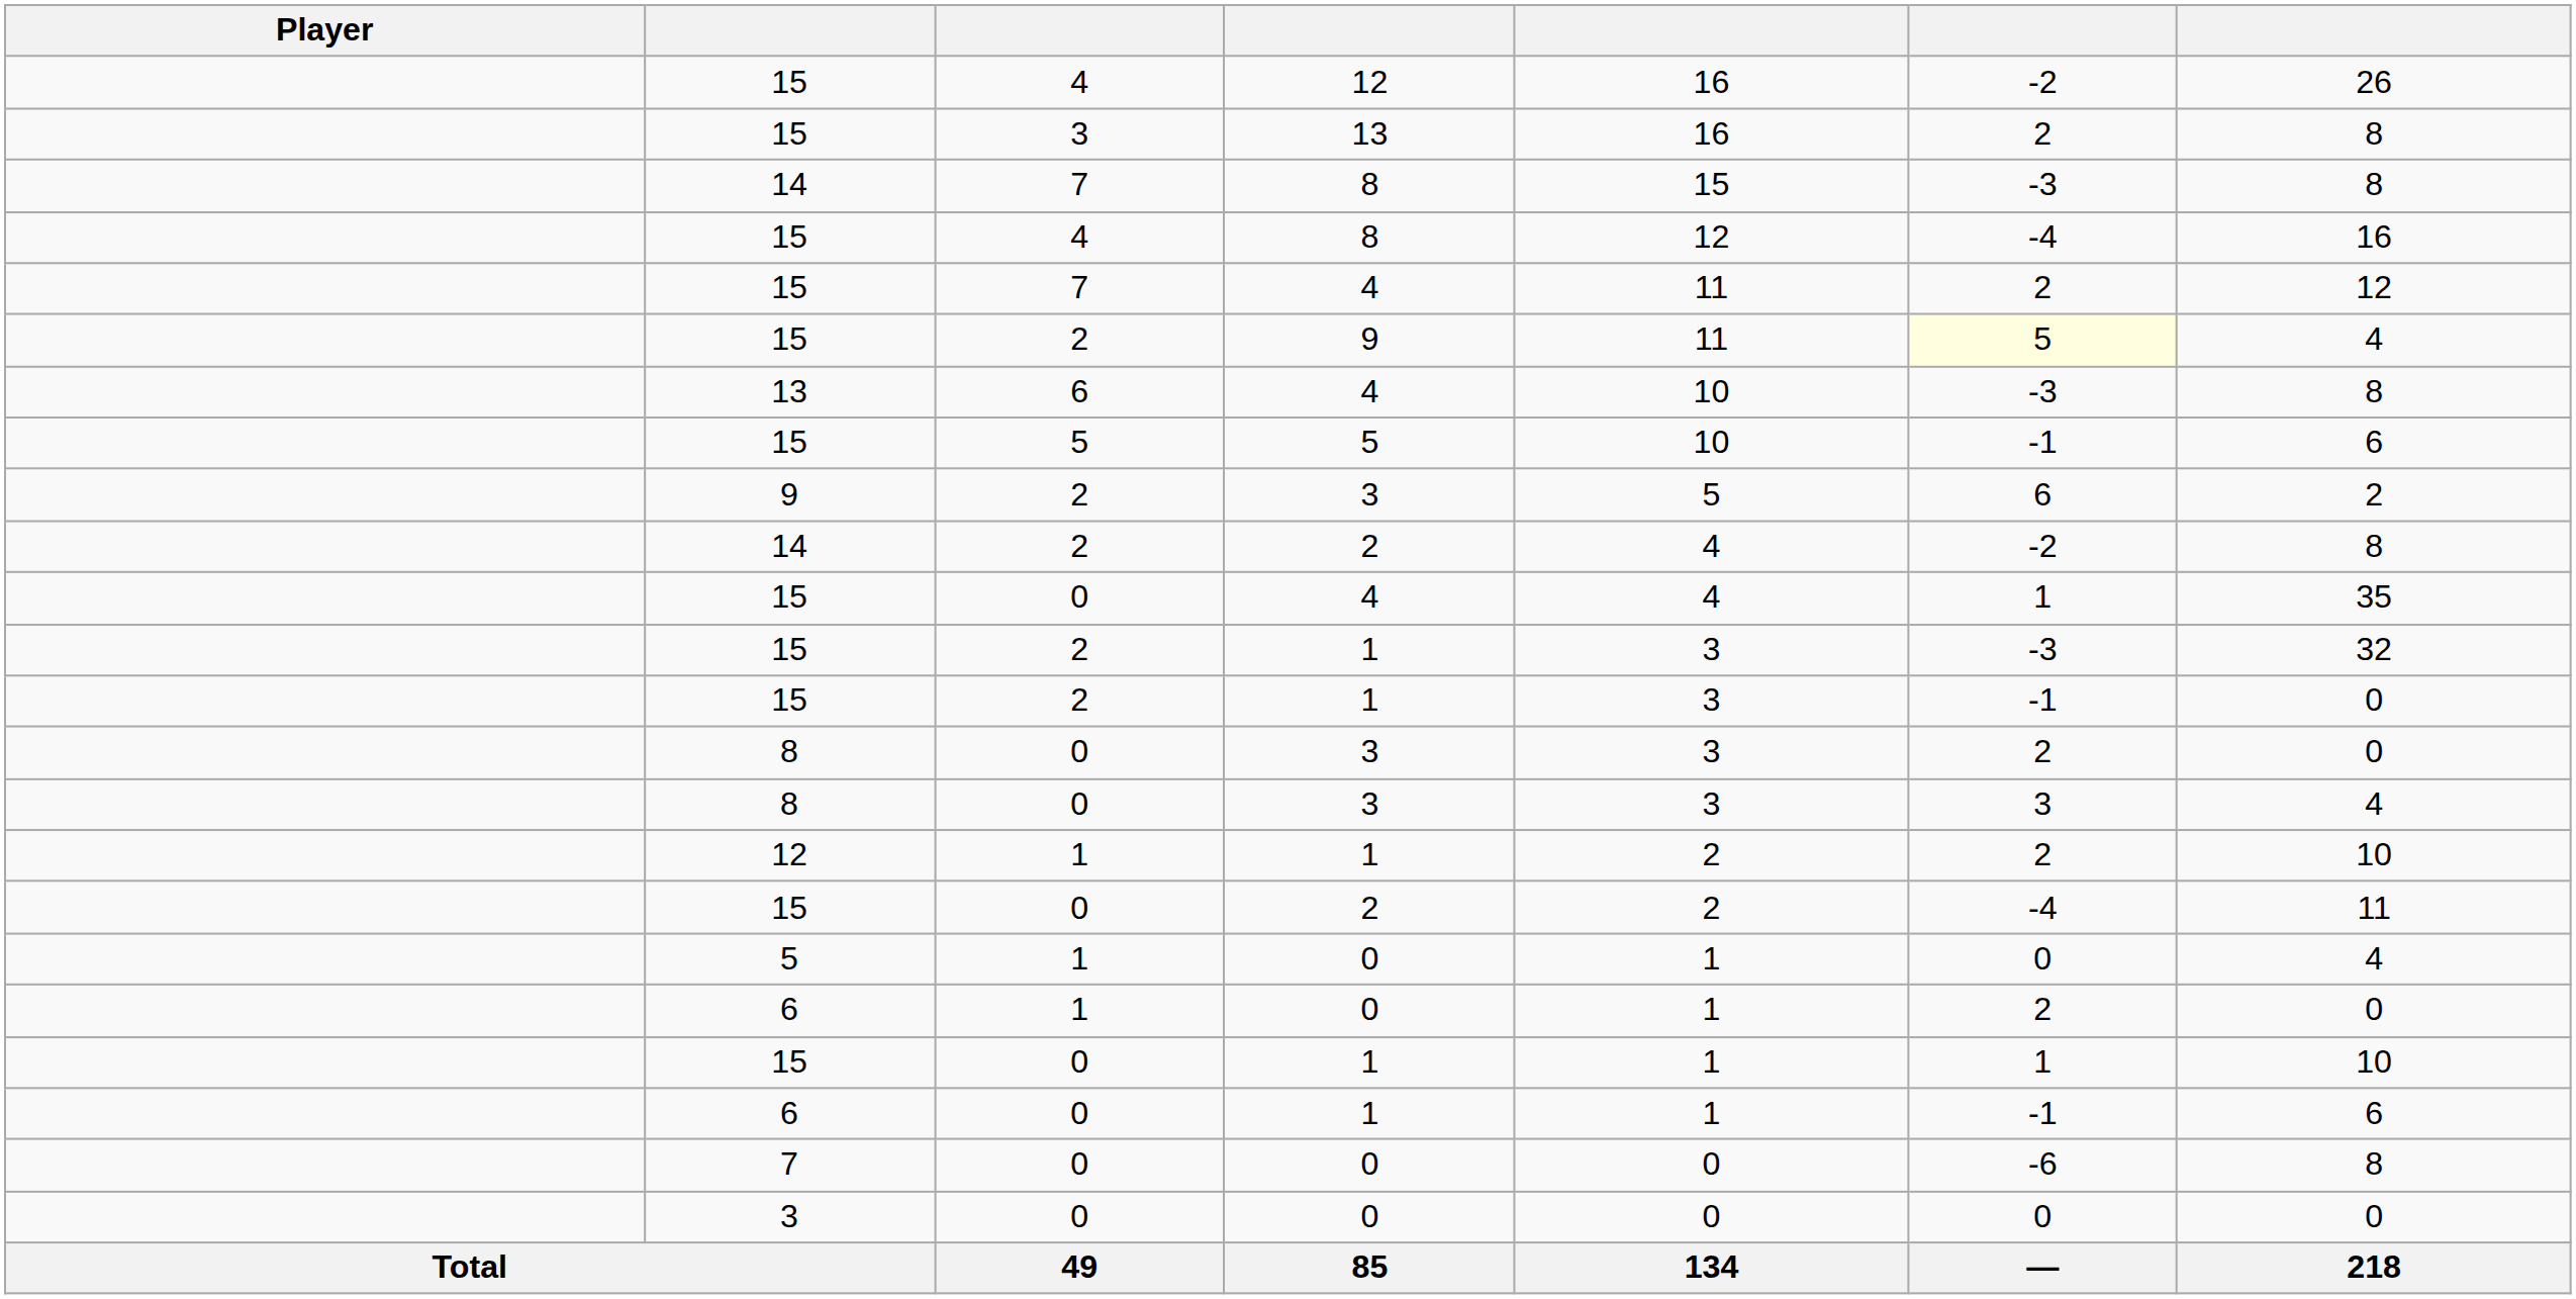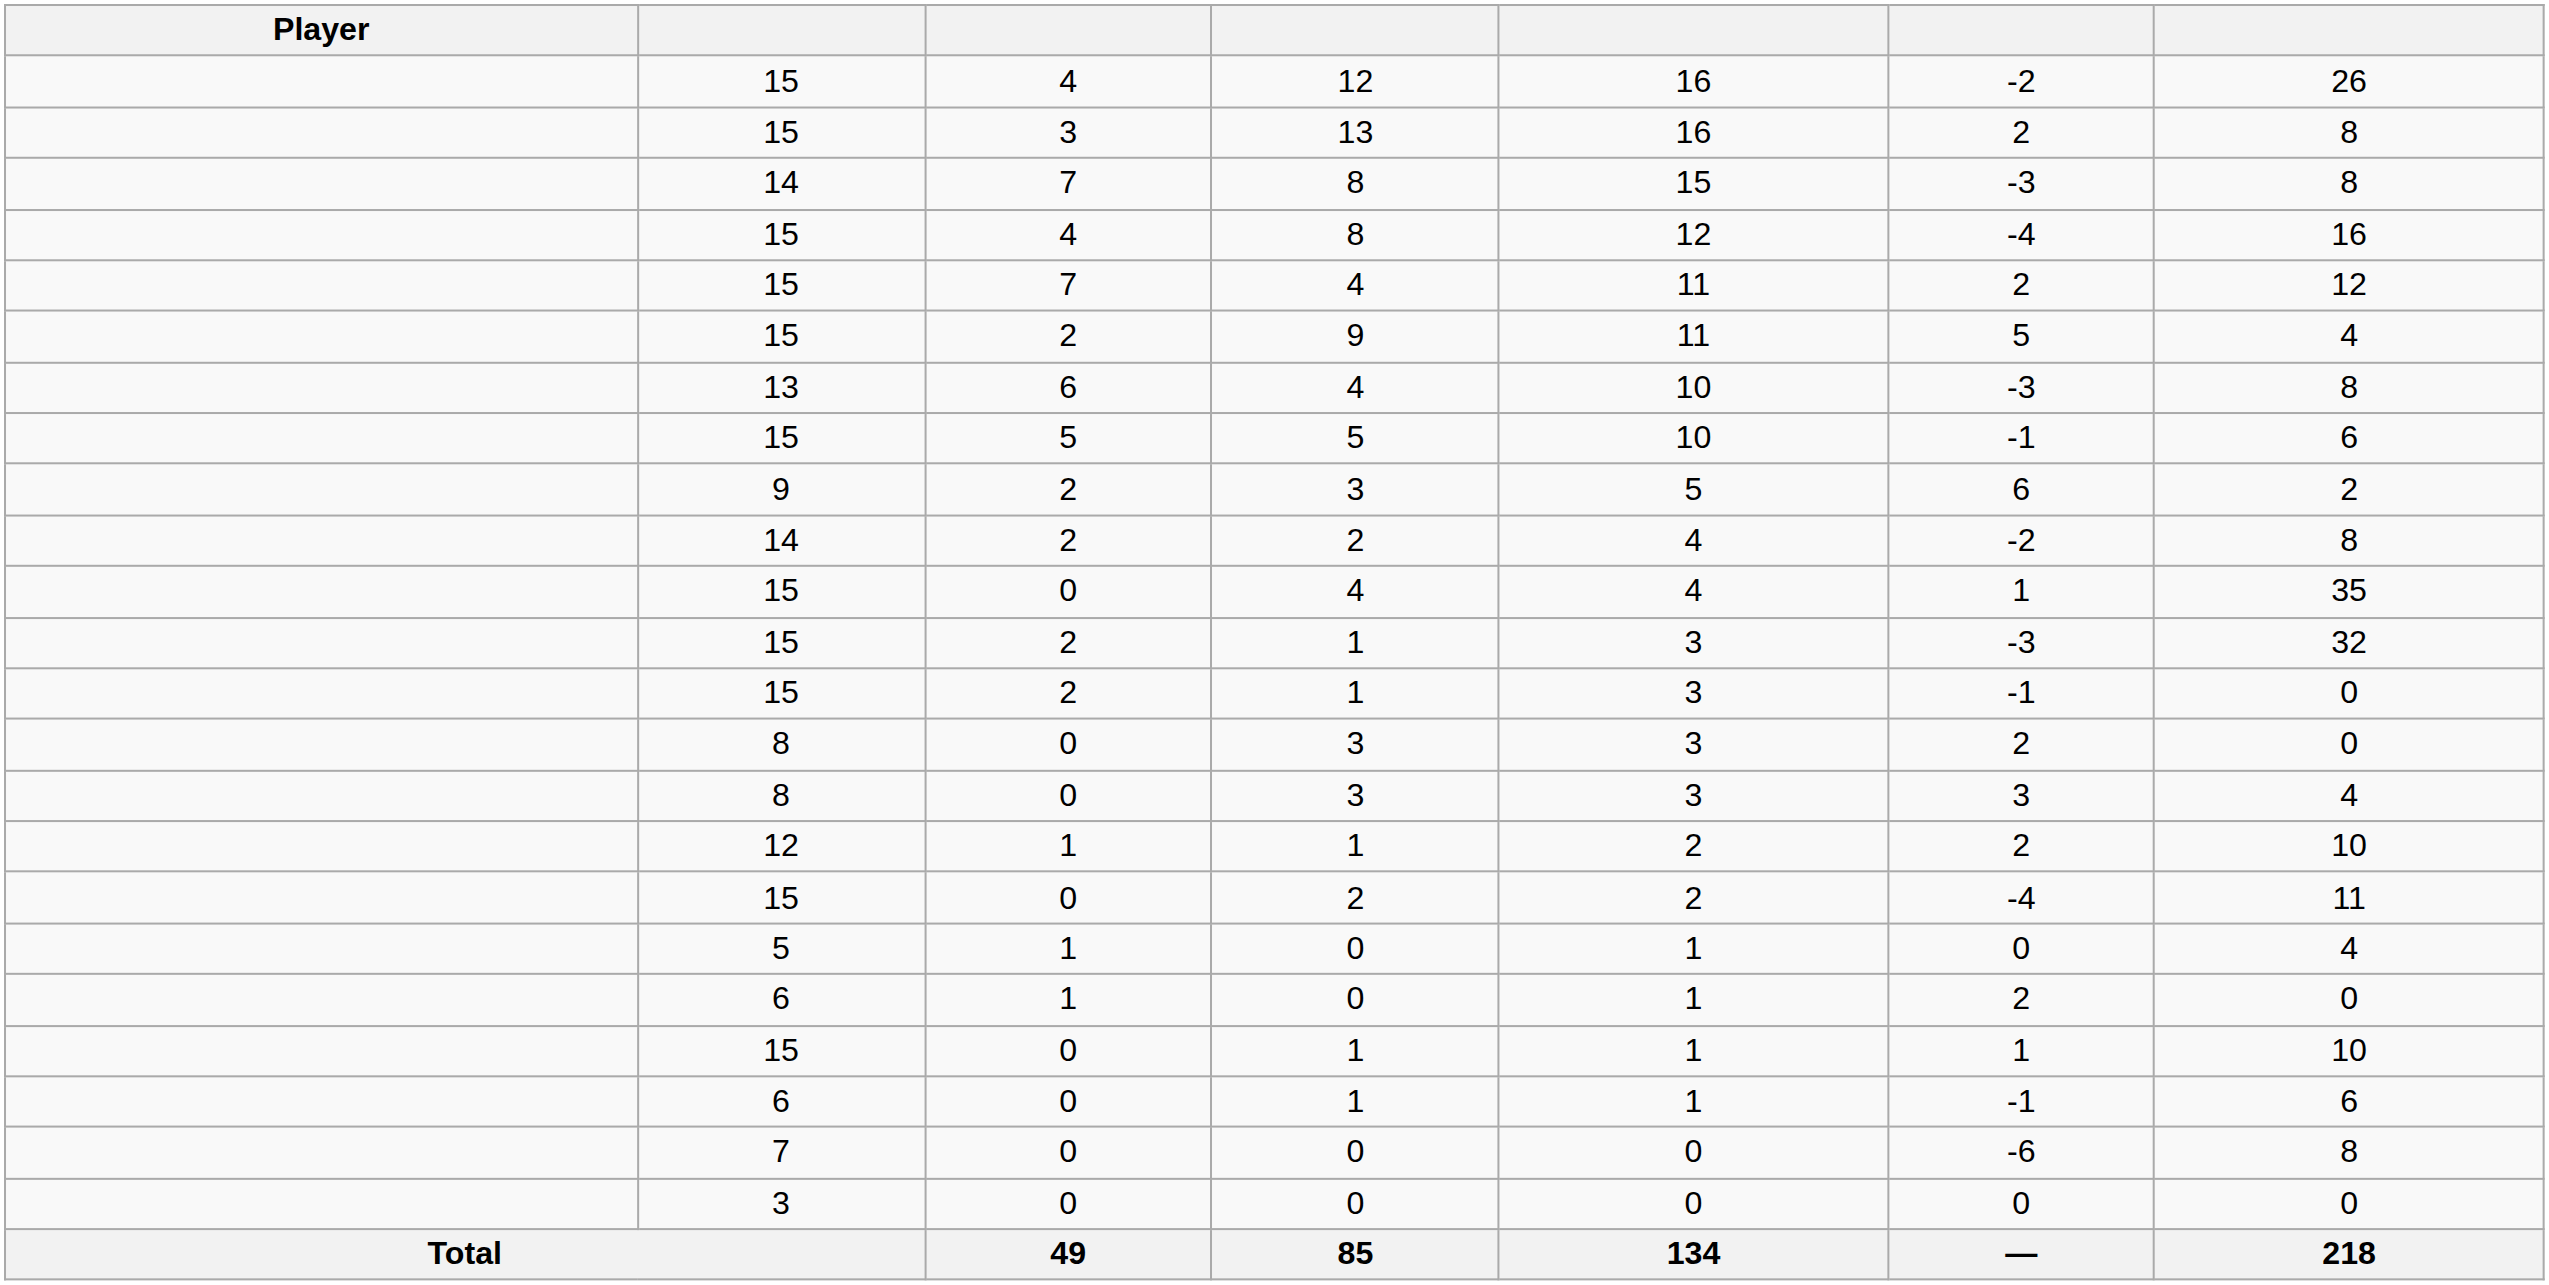 <table class="wikitable sortable" style="width:100%; text-align:center;">
 <tr>
 <th>Player</th>
 <th></th>
 <th></th>
 <th></th>
 <th></th>
 <th data-sort-type="number"></th>
 <th></th>
 </tr>
 <tr>
 <td></td>
 <td>15</td>
 <td>4</td>
 <td>12</td>
 <td>16</td>
 <td>-2</td>
 <td>26</td>
 </tr>
 <tr>
 <td></td>
 <td>15</td>
 <td>3</td>
 <td>13</td>
 <td>16</td>
 <td>2</td>
 <td>8</td>
 </tr>
 <tr>
 <td></td>
 <td>14</td>
 <td>7</td>
 <td>8</td>
 <td>15</td>
 <td>-3</td>
 <td>8</td>
 </tr>
 <tr>
 <td></td>
 <td>15</td>
 <td>4</td>
 <td>8</td>
 <td>12</td>
 <td>-4</td>
 <td>16</td>
 </tr>
 <tr>
 <td></td>
 <td>15</td>
 <td>7</td>
 <td>4</td>
 <td>11</td>
 <td>2</td>
 <td>12</td>
 </tr>
 <tr>
 <td></td>
 <td>15</td>
 <td>2</td>
 <td>9</td>
 <td>11</td>
-<td style="background: lightyellow;">5</td>
+<td>5</td>
 <td>4</td>
 </tr>
 <tr>
 <td></td>
 <td>13</td>
 <td>6</td>
 <td>4</td>
 <td>10</td>
 <td>-3</td>
 <td>8</td>
 </tr>
 <tr>
 <td></td>
 <td>15</td>
 <td>5</td>
 <td>5</td>
 <td>10</td>
 <td>-1</td>
 <td>6</td>
 </tr>
 <tr>
 <td></td>
 <td>9</td>
 <td>2</td>
 <td>3</td>
 <td>5</td>
 <td>6</td>
 <td>2</td>
 </tr>
 <tr>
 <td></td>
 <td>14</td>
 <td>2</td>
 <td>2</td>
 <td>4</td>
 <td>-2</td>
 <td>8</td>
 </tr>
 <tr>
 <td></td>
 <td>15</td>
 <td>0</td>
 <td>4</td>
 <td>4</td>
 <td>1</td>
 <td>35</td>
 </tr>
 <tr>
 <td></td>
 <td>15</td>
 <td>2</td>
 <td>1</td>
 <td>3</td>
 <td>-3</td>
 <td>32</td>
 </tr>
 <tr>
 <td></td>
 <td>15</td>
 <td>2</td>
 <td>1</td>
 <td>3</td>
 <td>-1</td>
 <td>0</td>
 </tr>
 <tr>
 <td></td>
 <td>8</td>
 <td>0</td>
 <td>3</td>
 <td>3</td>
 <td>2</td>
 <td>0</td>
 </tr>
 <tr>
 <td></td>
 <td>8</td>
 <td>0</td>
 <td>3</td>
 <td>3</td>
 <td>3</td>
 <td>4</td>
 </tr>
 <tr>
 <td></td>
 <td>12</td>
 <td>1</td>
 <td>1</td>
 <td>2</td>
 <td>2</td>
 <td>10</td>
 </tr>
 <tr>
 <td></td>
 <td>15</td>
 <td>0</td>
 <td>2</td>
 <td>2</td>
 <td>-4</td>
 <td>11</td>
 </tr>
 <tr>
 <td></td>
 <td>5</td>
 <td>1</td>
 <td>0</td>
 <td>1</td>
 <td>0</td>
 <td>4</td>
 </tr>
 <tr>
 <td></td>
 <td>6</td>
 <td>1</td>
 <td>0</td>
 <td>1</td>
 <td>2</td>
 <td>0</td>
 </tr>
 <tr>
 <td></td>
 <td>15</td>
 <td>0</td>
 <td>1</td>
 <td>1</td>
 <td>1</td>
 <td>10</td>
 </tr>
 <tr>
 <td></td>
 <td>6</td>
 <td>0</td>
 <td>1</td>
 <td>1</td>
 <td>-1</td>
 <td>6</td>
 </tr>
 <tr>
 <td></td>
 <td>7</td>
 <td>0</td>
 <td>0</td>
 <td>0</td>
 <td>-6</td>
 <td>8</td>
 </tr>
 <tr>
 <td></td>
 <td>3</td>
 <td>0</td>
 <td>0</td>
 <td>0</td>
 <td>0</td>
 <td>0</td>
 </tr>
 <tr class="sortbottom">
 <th colspan=2>Total</th>
 <th>49</th>
 <th>85</th>
 <th>134</th>
 <th>—</th>
 <th>218</th>
 </tr>
 </table>
